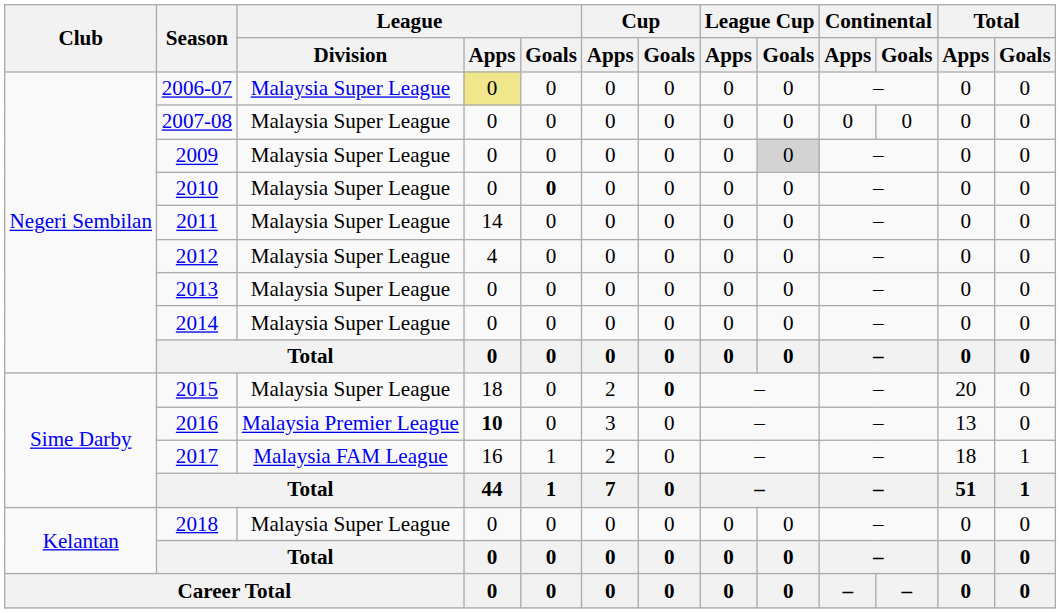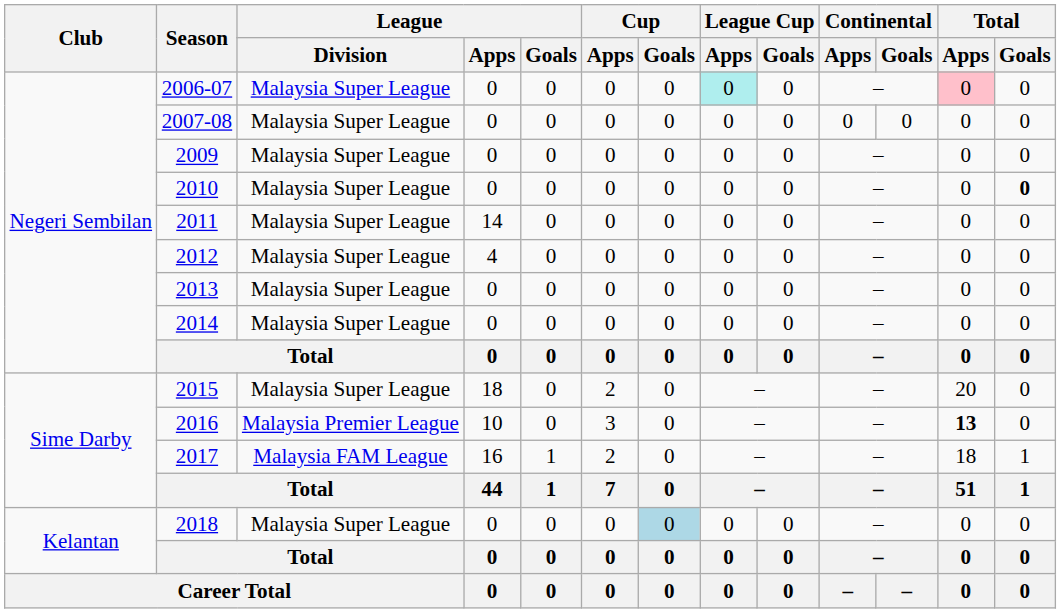 <table class=wikitable style="text-align:center">
 <tr>
 <th rowspan=2>Club</th>
 <th rowspan=2>Season</th>
 <th colspan=3>League</th>
 <th colspan=2>Cup</th>
 <th colspan=2>League Cup</th>
 <th colspan=2>Continental</th>
 <th colspan=2>Total</th>
 </tr>
 <tr>
 <th>Division</th>
 <th>Apps</th>
 <th>Goals</th>
 <th>Apps</th>
 <th>Goals</th>
 <th>Apps</th>
 <th>Goals</th>
 <th>Apps</th>
 <th>Goals</th>
 <th>Apps</th>
 <th>Goals</th>
 </tr>
 <tr>
 <td rowspan=9><a href='#'>Negeri Sembilan</a></td>
 <td><a href='#'>2006-07</a></td>
 <td><a href='#'>Malaysia Super League</a></td>
-<td style="background: khaki;">0</td>
 <td>0</td>
 <td>0</td>
 <td>0</td>
 <td>0</td>
+<td style="background: paleturquoise;">0</td>
 <td>0</td>
 <td colspan=2>–</td>
-<td>0</td>
+<td style="background: pink;">0</td>
 <td>0</td>
 </tr>
 <tr>
 <td><a href='#'>2007-08</a></td>
 <td>Malaysia Super League</td>
 <td>0</td>
 <td>0</td>
 <td>0</td>
 <td>0</td>
 <td>0</td>
 <td>0</td>
 <td>0</td>
 <td>0</td>
 <td>0</td>
 <td>0</td>
 </tr>
 <tr>
 <td><a href='#'>2009</a></td>
 <td>Malaysia Super League</td>
 <td>0</td>
 <td>0</td>
 <td>0</td>
 <td>0</td>
 <td>0</td>
-<td style="background: lightgrey;">0</td>
+<td>0</td>
 <td colspan=2>–</td>
 <td>0</td>
 <td>0</td>
 </tr>
 <tr>
 <td><a href='#'>2010</a></td>
 <td>Malaysia Super League</td>
 <td>0</td>
-<td><strong>0</strong></td>
+<td>0</td>
 <td>0</td>
 <td>0</td>
 <td>0</td>
 <td>0</td>
 <td colspan=2>–</td>
 <td>0</td>
-<td>0</td>
+<td><strong>0</strong></td>
 </tr>
 <tr>
 <td><a href='#'>2011</a></td>
 <td>Malaysia Super League</td>
 <td>14</td>
 <td>0</td>
 <td>0</td>
 <td>0</td>
 <td>0</td>
 <td>0</td>
 <td colspan=2>–</td>
 <td>0</td>
 <td>0</td>
 </tr>
 <tr>
 <td><a href='#'>2012</a></td>
 <td>Malaysia Super League</td>
 <td>4</td>
 <td>0</td>
 <td>0</td>
 <td>0</td>
 <td>0</td>
 <td>0</td>
 <td colspan=2>–</td>
 <td>0</td>
 <td>0</td>
 </tr>
 <tr>
 <td><a href='#'>2013</a></td>
 <td>Malaysia Super League</td>
 <td>0</td>
 <td>0</td>
 <td>0</td>
 <td>0</td>
 <td>0</td>
 <td>0</td>
 <td colspan=2>–</td>
 <td>0</td>
 <td>0</td>
 </tr>
 <tr>
 <td><a href='#'>2014</a></td>
 <td>Malaysia Super League</td>
 <td>0</td>
 <td>0</td>
 <td>0</td>
 <td>0</td>
 <td>0</td>
 <td>0</td>
 <td colspan=2>–</td>
 <td>0</td>
 <td>0</td>
 </tr>
 <tr>
 <th colspan="2">Total</th>
 <th>0</th>
 <th>0</th>
 <th>0</th>
 <th>0</th>
 <th>0</th>
 <th>0</th>
 <th colspan=2>–</th>
 <th>0</th>
 <th>0</th>
 </tr>
 <tr>
 <td rowspan=4><a href='#'>Sime Darby</a></td>
 <td><a href='#'>2015</a></td>
 <td>Malaysia Super League</td>
 <td>18</td>
 <td>0</td>
 <td>2</td>
-<td><strong>0</strong></td>
+<td>0</td>
 <td colspan=2>–</td>
 <td colspan=2>–</td>
 <td>20</td>
 <td>0</td>
 </tr>
 <tr>
 <td><a href='#'>2016</a></td>
 <td><a href='#'>Malaysia Premier League</a></td>
-<td><strong>10</strong></td>
+<td>10</td>
 <td>0</td>
 <td>3</td>
 <td>0</td>
 <td colspan=2>–</td>
 <td colspan=2>–</td>
-<td>13</td>
+<td><strong>13</strong></td>
 <td>0</td>
 </tr>
 <tr>
 <td><a href='#'>2017</a></td>
 <td><a href='#'>Malaysia FAM League</a></td>
 <td>16</td>
 <td>1</td>
 <td>2</td>
 <td>0</td>
 <td colspan=2>–</td>
 <td colspan=2>–</td>
 <td>18</td>
 <td>1</td>
 </tr>
 <tr>
 <th colspan="2">Total</th>
 <th>44</th>
 <th>1</th>
 <th>7</th>
 <th>0</th>
 <th colspan=2>–</th>
 <th colspan=2>–</th>
 <th>51</th>
 <th>1</th>
 </tr>
 <tr>
 <td rowspan=2><a href='#'>Kelantan</a></td>
 <td><a href='#'>2018</a></td>
 <td>Malaysia Super League</td>
 <td>0</td>
 <td>0</td>
 <td>0</td>
-<td>0</td>
+<td style="background: lightblue;">0</td>
 <td>0</td>
 <td>0</td>
 <td colspan=2>–</td>
 <td>0</td>
 <td>0</td>
 </tr>
 <tr>
 <th colspan="2">Total</th>
 <th>0</th>
 <th>0</th>
 <th>0</th>
 <th>0</th>
 <th>0</th>
 <th>0</th>
 <th colspan=2>–</th>
 <th>0</th>
 <th>0</th>
 </tr>
 <tr>
 <th colspan="3">Career Total</th>
 <th>0</th>
 <th>0</th>
 <th>0</th>
 <th>0</th>
 <th>0</th>
 <th>0</th>
 <th>–</th>
 <th>–</th>
 <th>0</th>
 <th>0</th>
 </tr>
 </table>
